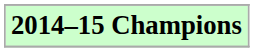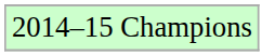 <table class="wikitable">
 <tr>
 </tr>
 <tr width=10px bgcolor="#ccffcc">
-<td><strong>2014–15 Champions</strong></td>
+<td>2014–15 Champions</td>
 </tr>
 <tr>
 </tr>
 </table>
